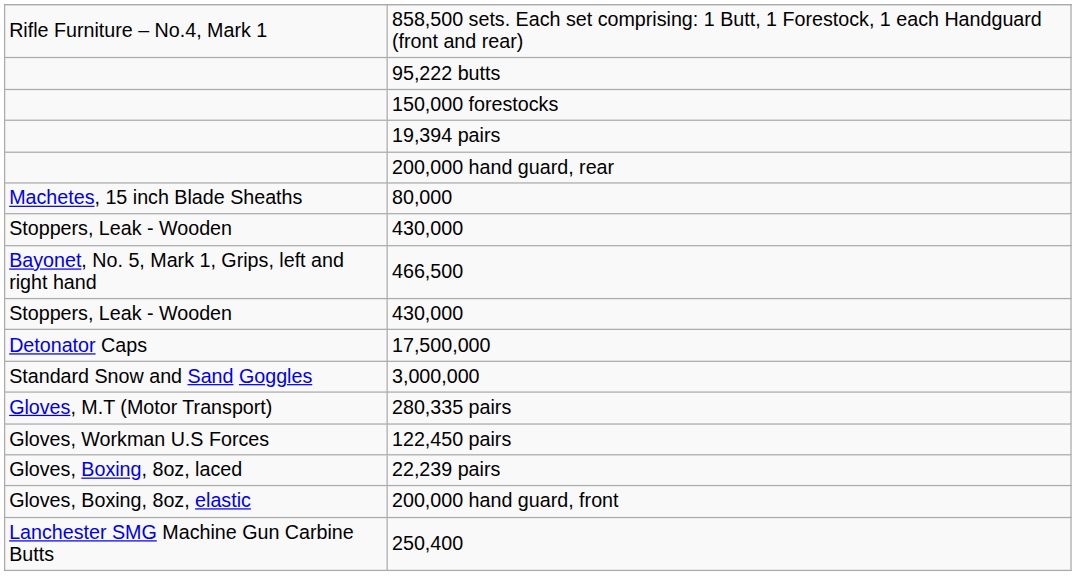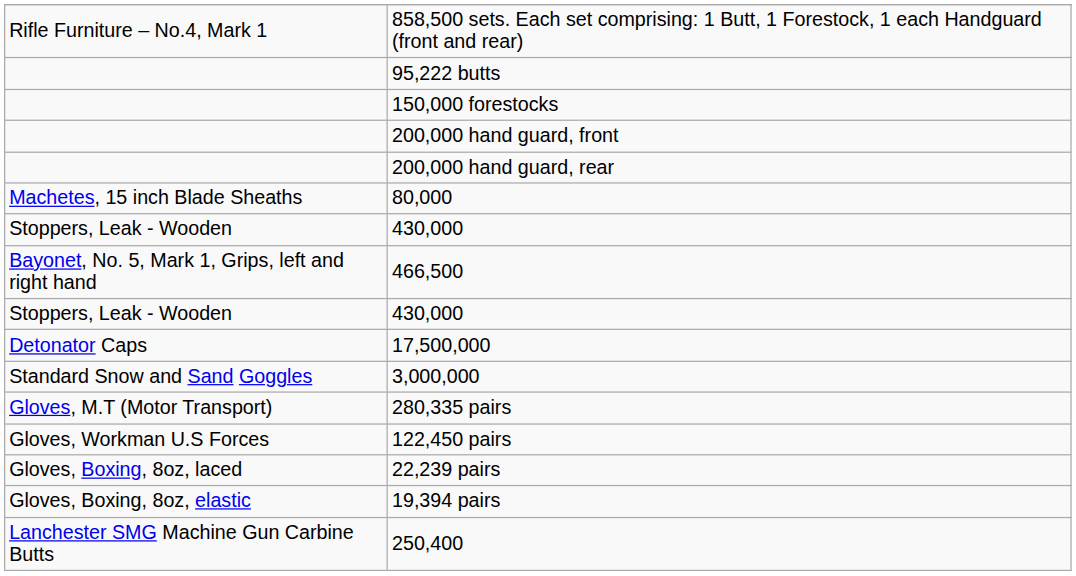 <table class="wikitable">
 <tr>
 </tr>
 <tr>
 <td>Rifle Furniture – No.4, Mark 1</td>
 <td>858,500 sets. Each set comprising: 1 Butt, 1 Forestock, 1 each Handguard (front and rear)</td>
 </tr>
 <tr>
 <td></td>
 <td>95,222 butts</td>
 </tr>
 <tr>
 <td></td>
 <td>150,000 forestocks</td>
 </tr>
 <tr>
 <td></td>
-<td>19,394 pairs</td>
+<td>200,000 hand guard, front</td>
 </tr>
 <tr>
 <td></td>
 <td>200,000 hand guard, rear</td>
 </tr>
 <tr>
 <td><a href='#'>Machetes</a>, 15 inch Blade Sheaths</td>
 <td>80,000</td>
 </tr>
 <tr>
 <td>Stoppers, Leak - Wooden</td>
 <td>430,000</td>
 </tr>
 <tr>
 <td><a href='#'>Bayonet</a>, No. 5, Mark 1, Grips, left and right hand</td>
 <td>466,500</td>
 </tr>
 <tr>
 <td>Stoppers, Leak - Wooden</td>
 <td>430,000</td>
 </tr>
 <tr>
 <td><a href='#'>Detonator</a> Caps</td>
 <td>17,500,000</td>
 </tr>
 <tr>
 <td>Standard Snow and <a href='#'>Sand</a> <a href='#'>Goggles</a></td>
 <td>3,000,000</td>
 </tr>
 <tr>
 <td><a href='#'>Gloves</a>, M.T (Motor Transport)</td>
 <td>280,335 pairs</td>
 </tr>
 <tr>
 <td>Gloves, Workman U.S Forces</td>
 <td>122,450 pairs</td>
 </tr>
 <tr>
 <td>Gloves, <a href='#'>Boxing</a>, 8oz, laced</td>
 <td>22,239 pairs</td>
 </tr>
 <tr>
 <td>Gloves, Boxing, 8oz, <a href='#'>elastic</a></td>
-<td>200,000 hand guard, front</td>
+<td>19,394 pairs</td>
 </tr>
 <tr>
 <td><a href='#'>Lanchester SMG</a> Machine Gun Carbine Butts</td>
 <td>250,400</td>
 </tr>
 </table>
